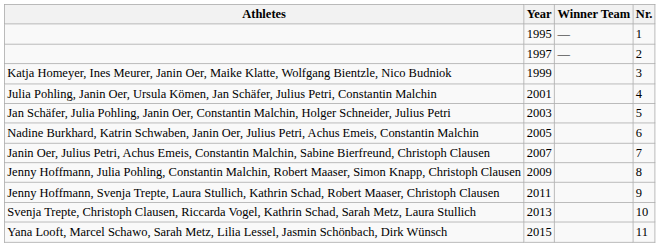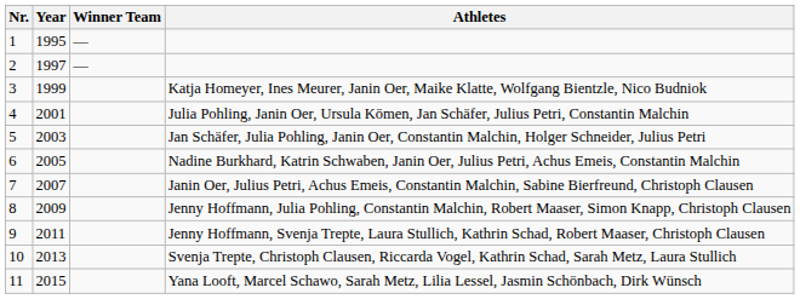 <table class="wikitable">
 <tr>
-<th>Athletes</th>
+<th>Nr.</th>
 <th>Year</th>
 <th>Winner Team</th>
-<th>Nr.</th>
+<th>Athletes</th>
 </tr>
 <tr>
-<td></td>
+<td>1</td>
 <td>1995</td>
 <td>—</td>
-<td>1</td>
+<td></td>
 </tr>
 <tr>
-<td></td>
+<td>2</td>
 <td>1997</td>
 <td>—</td>
-<td>2</td>
+<td></td>
 </tr>
 <tr>
-<td>Katja Homeyer, Ines Meurer, Janin Oer, Maike Klatte, Wolfgang Bientzle, Nico Budniok</td>
+<td>3</td>
 <td>1999</td>
 <td></td>
-<td>3</td>
+<td>Katja Homeyer, Ines Meurer, Janin Oer, Maike Klatte, Wolfgang Bientzle, Nico Budniok</td>
 </tr>
 <tr>
-<td>Julia Pohling, Janin Oer, Ursula Kömen, Jan Schäfer, Julius Petri, Constantin Malchin</td>
+<td>4</td>
 <td>2001</td>
 <td></td>
-<td>4</td>
+<td>Julia Pohling, Janin Oer, Ursula Kömen, Jan Schäfer, Julius Petri, Constantin Malchin</td>
 </tr>
 <tr>
-<td>Jan Schäfer, Julia Pohling, Janin Oer, Constantin Malchin, Holger Schneider, Julius Petri</td>
+<td>5</td>
 <td>2003</td>
 <td></td>
-<td>5</td>
+<td>Jan Schäfer, Julia Pohling, Janin Oer, Constantin Malchin, Holger Schneider, Julius Petri</td>
 </tr>
 <tr>
-<td>Nadine Burkhard, Katrin Schwaben, Janin Oer, Julius Petri, Achus Emeis, Constantin Malchin</td>
+<td>6</td>
 <td>2005</td>
 <td></td>
-<td>6</td>
+<td>Nadine Burkhard, Katrin Schwaben, Janin Oer, Julius Petri, Achus Emeis, Constantin Malchin</td>
 </tr>
 <tr>
-<td>Janin Oer, Julius Petri, Achus Emeis, Constantin Malchin, Sabine Bierfreund, Christoph Clausen</td>
+<td>7</td>
 <td>2007</td>
 <td></td>
-<td>7</td>
+<td>Janin Oer, Julius Petri, Achus Emeis, Constantin Malchin, Sabine Bierfreund, Christoph Clausen</td>
 </tr>
 <tr>
-<td>Jenny Hoffmann, Julia Pohling, Constantin Malchin, Robert Maaser, Simon Knapp, Christoph Clausen</td>
+<td>8</td>
 <td>2009</td>
 <td></td>
-<td>8</td>
+<td>Jenny Hoffmann, Julia Pohling, Constantin Malchin, Robert Maaser, Simon Knapp, Christoph Clausen</td>
 </tr>
 <tr>
-<td>Jenny Hoffmann, Svenja Trepte, Laura Stullich, Kathrin Schad, Robert Maaser, Christoph Clausen</td>
+<td>9</td>
 <td>2011</td>
 <td></td>
-<td>9</td>
+<td>Jenny Hoffmann, Svenja Trepte, Laura Stullich, Kathrin Schad, Robert Maaser, Christoph Clausen</td>
 </tr>
 <tr>
-<td>Svenja Trepte, Christoph Clausen, Riccarda Vogel, Kathrin Schad, Sarah Metz, Laura Stullich</td>
+<td>10</td>
 <td>2013</td>
 <td></td>
-<td>10</td>
+<td>Svenja Trepte, Christoph Clausen, Riccarda Vogel, Kathrin Schad, Sarah Metz, Laura Stullich</td>
 </tr>
 <tr>
-<td>Yana Looft, Marcel Schawo, Sarah Metz, Lilia Lessel, Jasmin Schönbach, Dirk Wünsch</td>
+<td>11</td>
 <td>2015</td>
 <td></td>
-<td>11</td>
+<td>Yana Looft, Marcel Schawo, Sarah Metz, Lilia Lessel, Jasmin Schönbach, Dirk Wünsch</td>
 </tr>
 </table>
